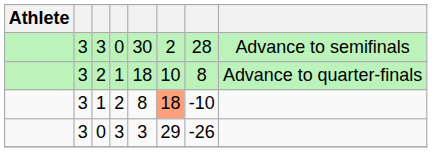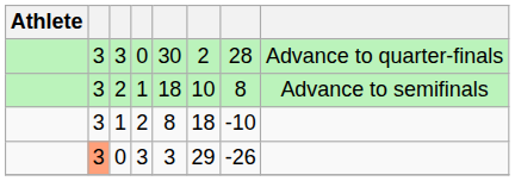 <table class=wikitable style="text-align:center">
 <tr>
 <th>Athlete</th>
 <th></th>
 <th></th>
 <th></th>
 <th></th>
 <th></th>
 <th></th>
 <th></th>
 </tr>
 <tr bgcolor=bbf3bb>
 <td style="text-align:left"></td>
 <td>3</td>
 <td>3</td>
 <td>0</td>
 <td>30</td>
 <td>2</td>
 <td>28</td>
-<td>Advance to semifinals</td>
+<td>Advance to quarter-finals</td>
 </tr>
 <tr bgcolor=bbf3bb>
 <td style="text-align:left"></td>
 <td>3</td>
 <td>2</td>
 <td>1</td>
 <td>18</td>
 <td>10</td>
 <td>8</td>
-<td>Advance to quarter-finals</td>
+<td>Advance to semifinals</td>
 </tr>
 <tr>
 <td style="text-align:left"></td>
 <td>3</td>
 <td>1</td>
 <td>2</td>
 <td>8</td>
-<td style="background: lightsalmon;">18</td>
+<td>18</td>
 <td>-10</td>
 <td></td>
 </tr>
 <tr>
 <td style="text-align:left"></td>
-<td>3</td>
+<td style="background: lightsalmon;">3</td>
 <td>0</td>
 <td>3</td>
 <td>3</td>
 <td>29</td>
 <td>-26</td>
 <td></td>
 </tr>
 <tr>
 </tr>
 </table>
